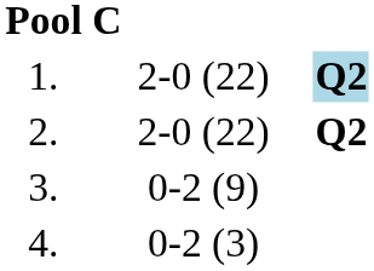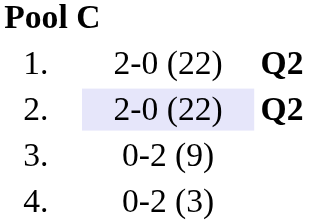 <table style="text-align:center">
 <tr>
 <td colspan=4 align=left><strong>Pool C</strong></td>
 </tr>
 <tr>
 <td width=30>1.</td>
 <td align=left></td>
 <td width=80>2-0 (22)</td>
-<td style="background: lightblue;"><strong>Q2</strong></td>
+<td><strong>Q2</strong></td>
 </tr>
 <tr>
 <td>2.</td>
 <td align=left></td>
-<td>2-0 (22)</td>
+<td style="background: lavender;">2-0 (22)</td>
 <td><strong>Q2</strong></td>
 </tr>
 <tr>
 <td>3.</td>
 <td align=left></td>
 <td>0-2 (9)</td>
 <td></td>
 </tr>
 <tr>
 <td>4.</td>
 <td align=left></td>
 <td>0-2 (3)</td>
 <td></td>
 </tr>
 </table>
